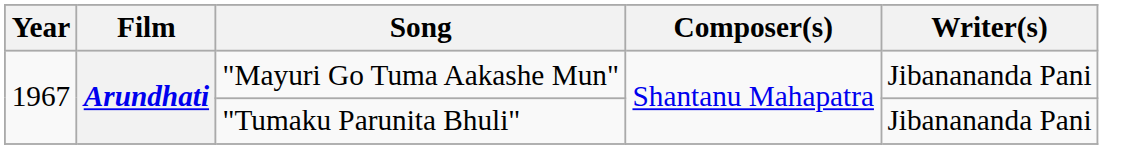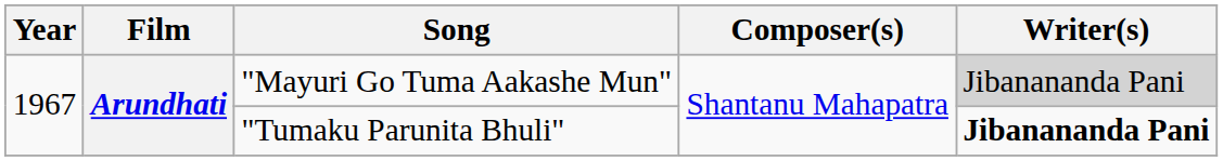 <table class="wikitable sortable">
 <tr>
 <th>Year</th>
 <th>Film</th>
 <th>Song</th>
 <th>Composer(s)</th>
 <th>Writer(s)</th>
 </tr>
 <tr>
 <td rowspan="2">1967</td>
 <th rowspan="2"><em><a href='#'>Arundhati</a></em></th>
 <td>"Mayuri Go Tuma Aakashe Mun"</td>
 <td rowspan="2"><a href='#'>Shantanu Mahapatra</a></td>
-<td>Jibanananda Pani</td>
+<td style="background: lightgrey;">Jibanananda Pani</td>
 </tr>
 <tr>
 <td>"Tumaku Parunita Bhuli"</td>
-<td>Jibanananda Pani</td>
+<td><strong>Jibanananda Pani</strong></td>
 </tr>
 </table>
